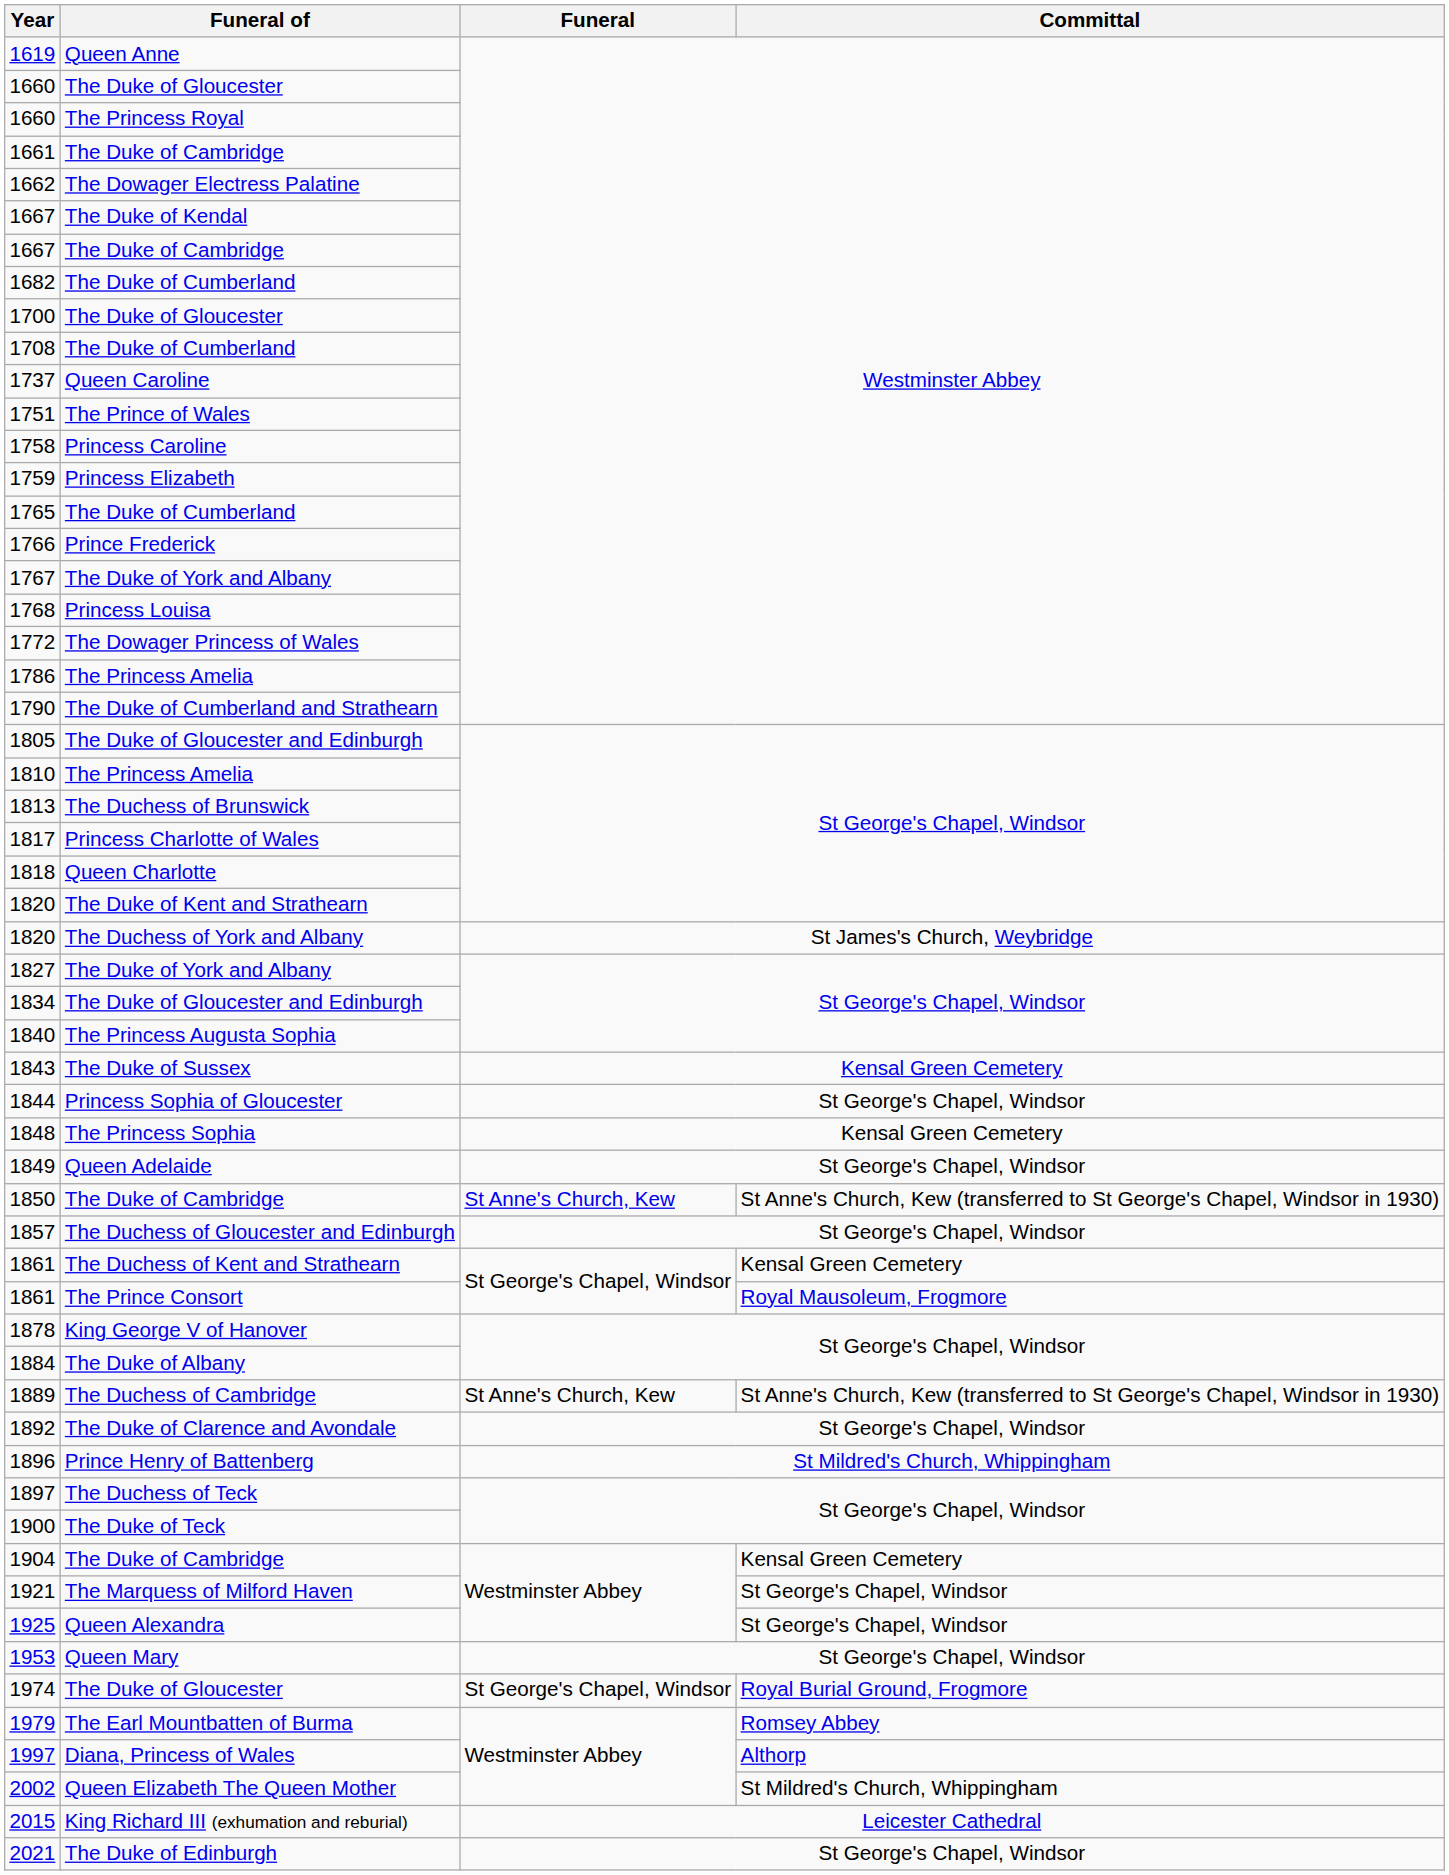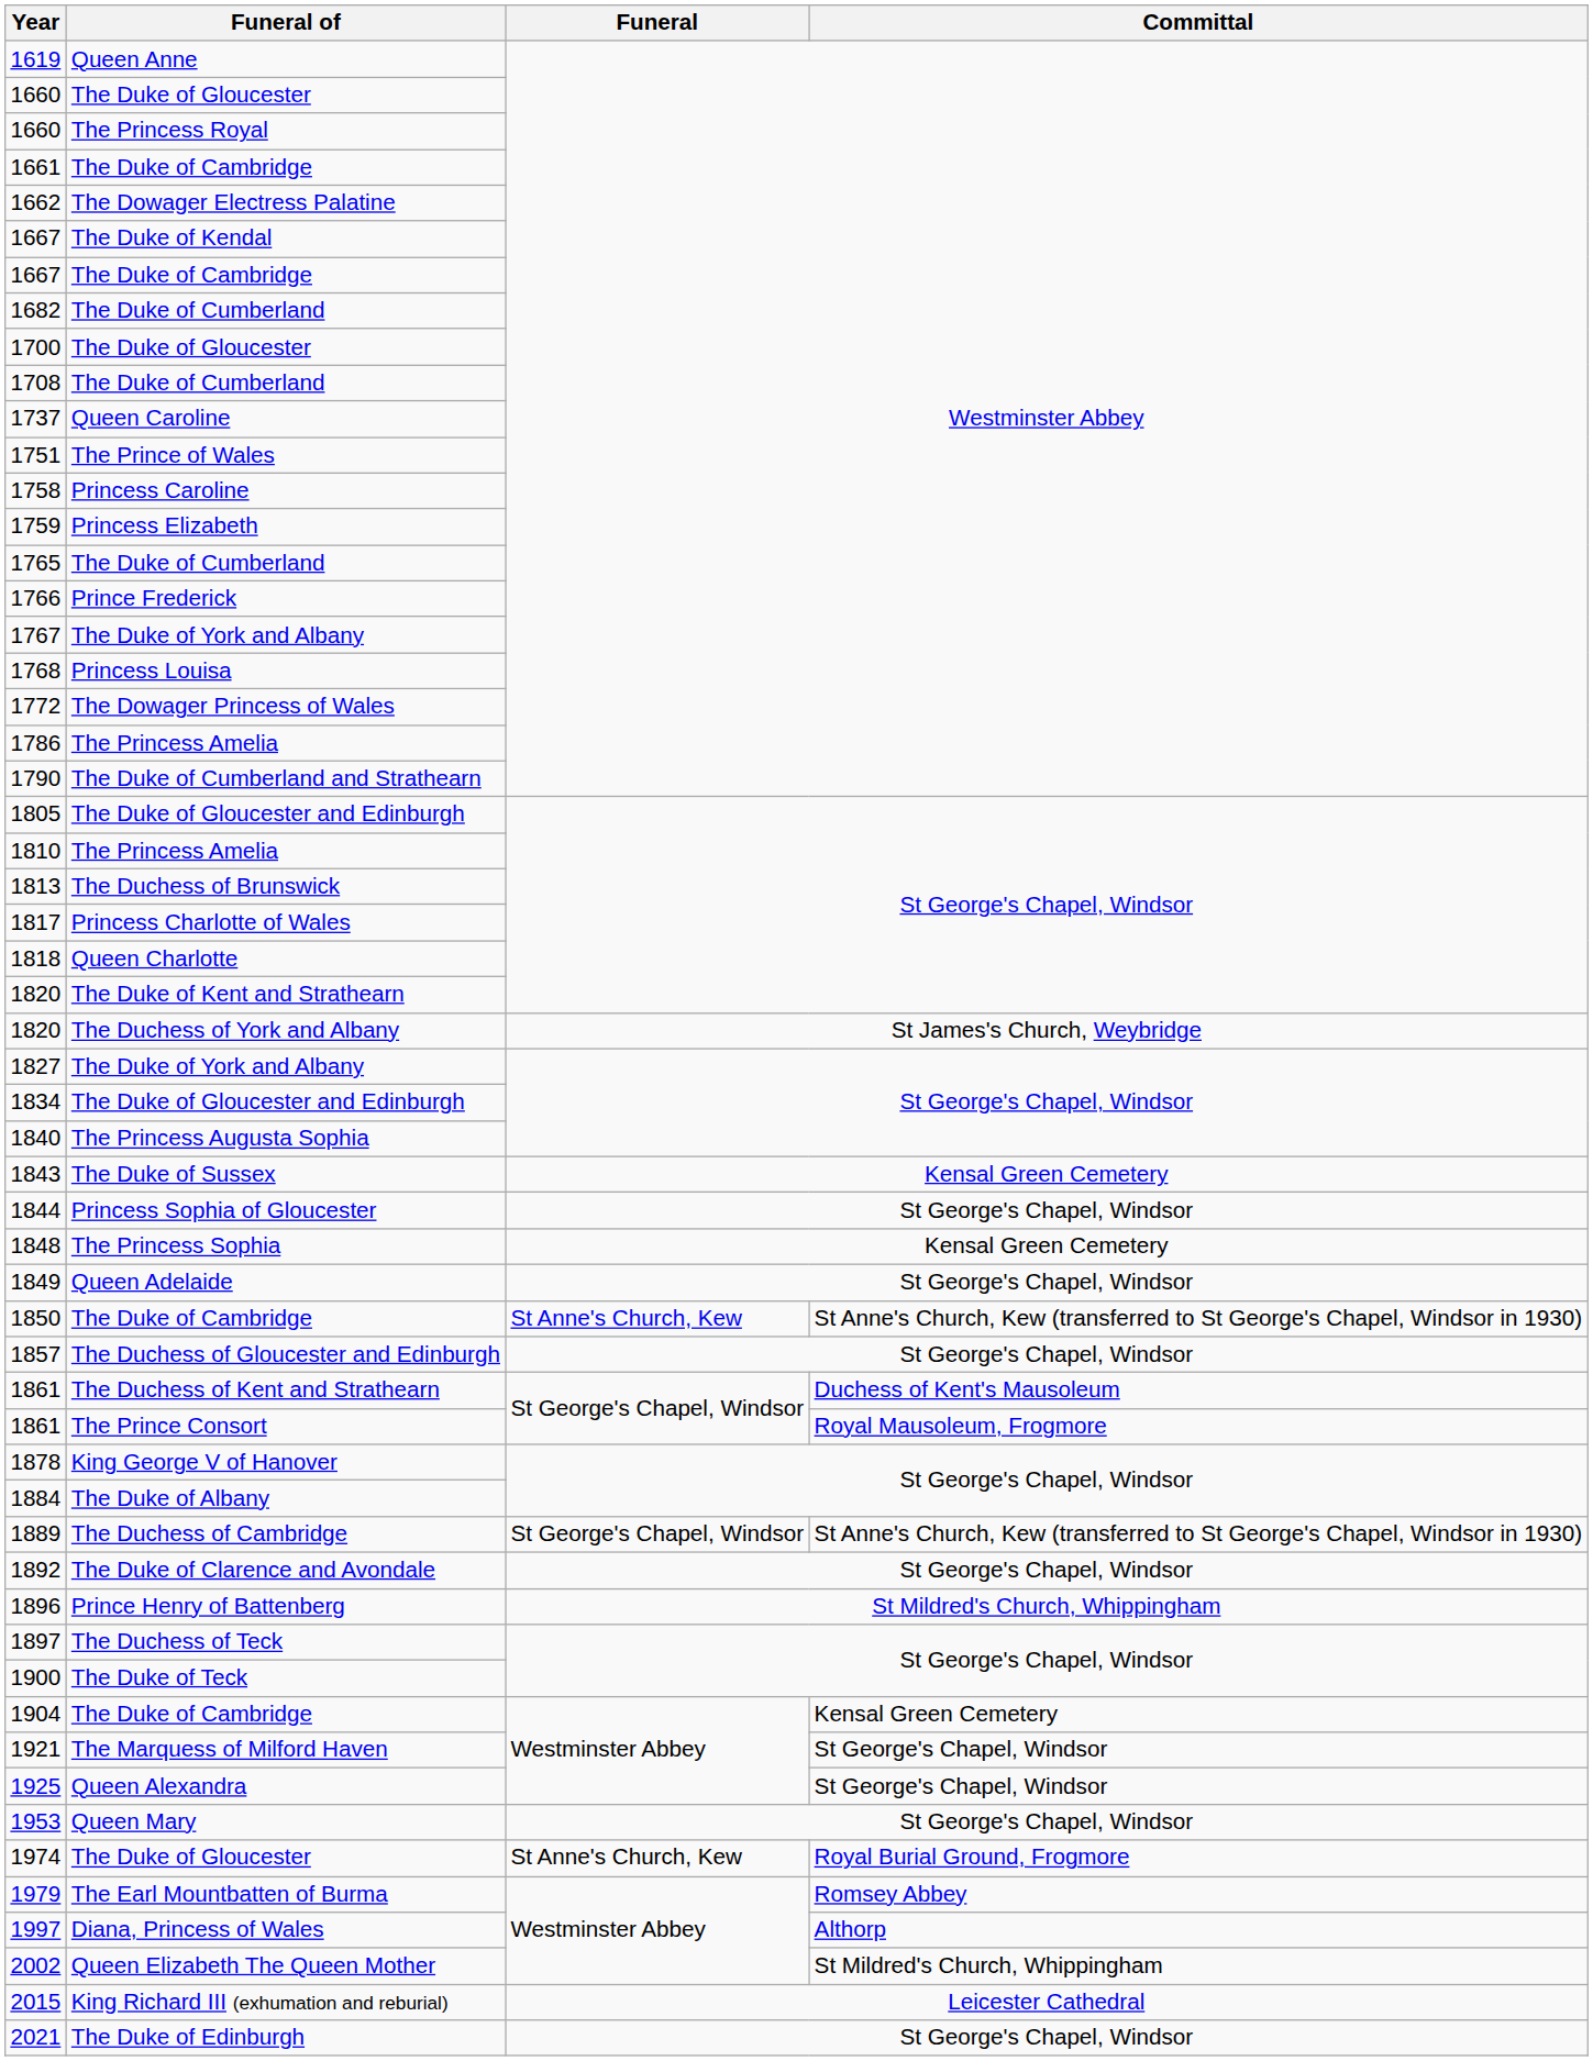 <table class="wikitable">
 <tr>
 <th>Year</th>
 <th>Funeral of</th>
 <th>Funeral</th>
 <th>Committal</th>
 </tr>
 <tr>
 <td><a href='#'>1619</a></td>
 <td><a href='#'>Queen Anne</a></td>
 <td rowspan="21" colspan=2 style="text-align:center;"><a href='#'>Westminster Abbey</a></td>
 </tr>
 <tr>
 <td>1660</td>
 <td><a href='#'>The Duke of Gloucester</a></td>
 </tr>
 <tr>
 <td>1660</td>
 <td><a href='#'>The Princess Royal</a></td>
 </tr>
 <tr>
 <td>1661</td>
 <td><a href='#'>The Duke of Cambridge</a></td>
 </tr>
 <tr>
 <td>1662</td>
 <td><a href='#'>The Dowager Electress Palatine</a></td>
 </tr>
 <tr>
 <td>1667</td>
 <td><a href='#'>The Duke of Kendal</a></td>
 </tr>
 <tr>
 <td>1667</td>
 <td><a href='#'>The Duke of Cambridge</a></td>
 </tr>
 <tr>
 <td>1682</td>
 <td><a href='#'>The Duke of Cumberland</a></td>
 </tr>
 <tr>
 <td>1700</td>
 <td><a href='#'>The Duke of Gloucester</a></td>
 </tr>
 <tr>
 <td>1708</td>
 <td><a href='#'>The Duke of Cumberland</a></td>
 </tr>
 <tr>
 <td>1737</td>
 <td><a href='#'>Queen Caroline</a></td>
 </tr>
 <tr>
 <td>1751</td>
 <td><a href='#'>The Prince of Wales</a></td>
 </tr>
 <tr>
 <td>1758</td>
 <td><a href='#'>Princess Caroline</a></td>
 </tr>
 <tr>
 <td>1759</td>
 <td><a href='#'>Princess Elizabeth</a></td>
 </tr>
 <tr>
 <td>1765</td>
 <td><a href='#'>The Duke of Cumberland</a></td>
 </tr>
 <tr>
 <td>1766</td>
 <td><a href='#'>Prince Frederick</a></td>
 </tr>
 <tr>
 <td>1767</td>
 <td><a href='#'>The Duke of York and Albany</a></td>
 </tr>
 <tr>
 <td>1768</td>
 <td><a href='#'>Princess Louisa</a></td>
 </tr>
 <tr>
 <td>1772</td>
 <td><a href='#'>The Dowager Princess of Wales</a></td>
 </tr>
 <tr>
 <td>1786</td>
 <td><a href='#'>The Princess Amelia</a></td>
 </tr>
 <tr>
 <td>1790</td>
 <td><a href='#'>The Duke of Cumberland and Strathearn</a></td>
 </tr>
 <tr>
 <td>1805</td>
 <td><a href='#'>The Duke of Gloucester and Edinburgh</a></td>
 <td rowspan="6" colspan=2 style="text-align:center;"><a href='#'>St George's Chapel, Windsor</a></td>
 </tr>
 <tr>
 <td>1810</td>
 <td><a href='#'>The Princess Amelia</a></td>
 </tr>
 <tr>
 <td>1813</td>
 <td><a href='#'>The Duchess of Brunswick</a></td>
 </tr>
 <tr>
 <td>1817</td>
 <td><a href='#'>Princess Charlotte of Wales</a></td>
 </tr>
 <tr>
 <td>1818</td>
 <td><a href='#'>Queen Charlotte</a></td>
 </tr>
 <tr>
 <td>1820</td>
 <td><a href='#'>The Duke of Kent and Strathearn</a></td>
 </tr>
 <tr>
 <td>1820</td>
 <td><a href='#'>The Duchess of York and Albany</a></td>
 <td colspan=2 style="text-align:center;">St James's Church, <a href='#'>Weybridge</a></td>
 </tr>
 <tr>
 <td>1827</td>
 <td><a href='#'>The Duke of York and Albany</a></td>
 <td rowspan="3" colspan=2 style="text-align:center;"><a href='#'>St George's Chapel, Windsor</a></td>
 </tr>
 <tr>
 <td>1834</td>
 <td><a href='#'>The Duke of Gloucester and Edinburgh</a></td>
 </tr>
 <tr>
 <td>1840</td>
 <td><a href='#'>The Princess Augusta Sophia</a></td>
 </tr>
 <tr>
 <td>1843</td>
 <td><a href='#'>The Duke of Sussex</a></td>
 <td colspan=2 style="text-align:center;"><a href='#'>Kensal Green Cemetery</a></td>
 </tr>
 <tr>
 <td>1844</td>
 <td><a href='#'>Princess Sophia of Gloucester</a></td>
 <td colspan=2 style="text-align:center;">St George's Chapel, Windsor</td>
 </tr>
 <tr>
 <td>1848</td>
 <td><a href='#'>The Princess Sophia</a></td>
 <td colspan=2 style="text-align:center;">Kensal Green Cemetery</td>
 </tr>
 <tr>
 <td>1849</td>
 <td><a href='#'>Queen Adelaide</a></td>
 <td colspan=2 style="text-align:center;">St George's Chapel, Windsor</td>
 </tr>
 <tr>
 <td>1850</td>
 <td><a href='#'>The Duke of Cambridge</a></td>
 <td><a href='#'>St Anne's Church, Kew</a></td>
 <td>St Anne's Church, Kew (transferred to St George's Chapel, Windsor in 1930)</td>
 </tr>
 <tr>
 <td>1857</td>
 <td><a href='#'>The Duchess of Gloucester and Edinburgh</a></td>
 <td colspan=2 style="text-align:center;">St George's Chapel, Windsor</td>
 </tr>
 <tr>
 <td>1861</td>
 <td><a href='#'>The Duchess of Kent and Strathearn</a></td>
 <td rowspan="2">St George's Chapel, Windsor</td>
-<td>Kensal Green Cemetery</td>
+<td><a href='#'>Duchess of Kent's Mausoleum</a></td>
 </tr>
 <tr>
 <td>1861</td>
 <td><a href='#'>The Prince Consort</a></td>
 <td><a href='#'>Royal Mausoleum, Frogmore</a></td>
 </tr>
 <tr>
 <td>1878</td>
 <td><a href='#'>King George V of Hanover</a></td>
 <td rowspan="2" colspan=2 style="text-align:center;">St George's Chapel, Windsor</td>
 </tr>
 <tr>
 <td>1884</td>
 <td><a href='#'>The Duke of Albany</a></td>
 </tr>
 <tr>
 <td>1889</td>
 <td><a href='#'>The Duchess of Cambridge</a></td>
-<td>St Anne's Church, Kew</td>
+<td>St George's Chapel, Windsor</td>
 <td>St Anne's Church, Kew (transferred to St George's Chapel, Windsor in 1930)</td>
 </tr>
 <tr>
 <td>1892</td>
 <td><a href='#'>The Duke of Clarence and Avondale</a></td>
 <td colspan=2 style="text-align:center;">St George's Chapel, Windsor</td>
 </tr>
 <tr>
 <td>1896</td>
 <td><a href='#'>Prince Henry of Battenberg</a></td>
 <td colspan=2 style="text-align:center;"><a href='#'>St Mildred's Church, Whippingham</a></td>
 </tr>
 <tr>
 <td>1897</td>
 <td><a href='#'>The Duchess of Teck</a></td>
 <td rowspan="2" colspan=2 style="text-align:center;">St George's Chapel, Windsor</td>
 </tr>
 <tr>
 <td>1900</td>
 <td><a href='#'>The Duke of Teck</a></td>
 </tr>
 <tr>
 <td>1904</td>
 <td><a href='#'>The Duke of Cambridge</a></td>
 <td rowspan="3">Westminster Abbey</td>
 <td>Kensal Green Cemetery</td>
 </tr>
 <tr>
 <td>1921</td>
 <td><a href='#'>The Marquess of Milford Haven</a></td>
 <td>St George's Chapel, Windsor</td>
 </tr>
 <tr>
 <td><a href='#'>1925</a></td>
 <td><a href='#'>Queen Alexandra</a></td>
 <td>St George's Chapel, Windsor</td>
 </tr>
 <tr>
 <td><a href='#'>1953</a></td>
 <td><a href='#'>Queen Mary</a></td>
 <td colspan=2 style="text-align:center;">St George's Chapel, Windsor</td>
 </tr>
 <tr>
 <td>1974</td>
 <td><a href='#'>The Duke of Gloucester</a></td>
-<td>St George's Chapel, Windsor</td>
+<td>St Anne's Church, Kew</td>
 <td><a href='#'>Royal Burial Ground, Frogmore</a></td>
 </tr>
 <tr>
 <td><a href='#'>1979</a></td>
 <td><a href='#'>The Earl Mountbatten of Burma</a></td>
 <td rowspan="3">Westminster Abbey</td>
 <td><a href='#'>Romsey Abbey</a></td>
 </tr>
 <tr>
 <td><a href='#'>1997</a></td>
 <td><a href='#'>Diana, Princess of Wales</a></td>
 <td><a href='#'>Althorp</a></td>
 </tr>
 <tr>
 <td><a href='#'>2002</a></td>
 <td><a href='#'>Queen Elizabeth The Queen Mother</a></td>
 <td>St Mildred's Church, Whippingham</td>
 </tr>
 <tr>
 <td><a href='#'>2015</a></td>
 <td><a href='#'>King Richard III</a> <small>(exhumation and reburial)</small></td>
 <td colspan=2 style="text-align:center;"><a href='#'>Leicester Cathedral</a></td>
 </tr>
 <tr>
 <td><a href='#'>2021</a></td>
 <td><a href='#'>The Duke of Edinburgh</a></td>
 <td colspan=2 style="text-align:center;">St George's Chapel, Windsor</td>
 </tr>
 </table>
